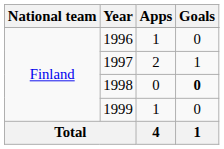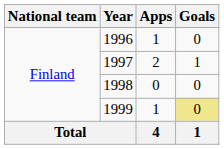 <table class="wikitable" style="text-align:center">
 <tr>
 <th>National team</th>
 <th>Year</th>
 <th>Apps</th>
 <th>Goals</th>
 </tr>
 <tr>
 <td rowspan="5"><a href='#'>Finland</a></td>
 </tr>
 <tr>
 <td>1996</td>
 <td>1</td>
 <td>0</td>
 </tr>
 <tr>
 <td>1997</td>
 <td>2</td>
 <td>1</td>
 </tr>
 <tr>
 <td>1998</td>
 <td>0</td>
-<td><strong>0</strong></td>
+<td>0</td>
 </tr>
 <tr>
 <td>1999</td>
 <td>1</td>
-<td>0</td>
+<td style="background: khaki;">0</td>
 </tr>
 <tr>
 <th colspan="2">Total</th>
 <th>4</th>
 <th>1</th>
 </tr>
 </table>
